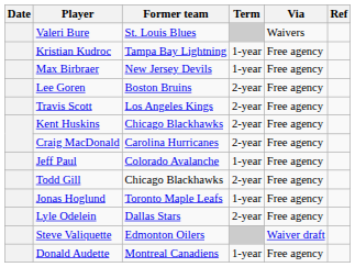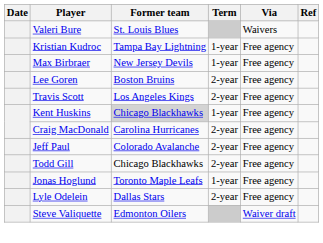 <table class="wikitable plainrowheaders">
 <tr style="background:#ddd; text-align:center;">
 <th>Date</th>
 <th>Player</th>
 <th>Former team</th>
 <th>Term</th>
 <th>Via</th>
 <th>Ref</th>
 </tr>
 <tr>
 <th scope="row"></th>
 <td><a href='#'>Valeri Bure</a></td>
 <td><a href='#'>St. Louis Blues</a></td>
 <td style="background:#ccc"></td>
 <td>Waivers</td>
 <td></td>
 </tr>
 <tr>
 <th scope="row"></th>
 <td><a href='#'>Kristian Kudroc</a></td>
 <td><a href='#'>Tampa Bay Lightning</a></td>
 <td>1-year</td>
 <td>Free agency</td>
 <td></td>
 </tr>
 <tr>
 <th scope="row"></th>
 <td><a href='#'>Max Birbraer</a></td>
 <td><a href='#'>New Jersey Devils</a></td>
 <td>1-year</td>
 <td>Free agency</td>
 <td></td>
 </tr>
 <tr>
 <th scope="row"></th>
 <td><a href='#'>Lee Goren</a></td>
 <td><a href='#'>Boston Bruins</a></td>
 <td>2-year</td>
 <td>Free agency</td>
 <td></td>
 </tr>
 <tr>
 <th scope="row"></th>
 <td><a href='#'>Travis Scott</a></td>
 <td><a href='#'>Los Angeles Kings</a></td>
 <td>2-year</td>
 <td>Free agency</td>
 <td></td>
 </tr>
 <tr>
 <th scope="row" rowspan=2></th>
 <td><a href='#'>Kent Huskins</a></td>
-<td><a href='#'>Chicago Blackhawks</a></td>
-<td>2-year</td>
+<td style="background: lightgrey;"><a href='#'>Chicago Blackhawks</a></td>
+<td>1-year</td>
 <td>Free agency</td>
 <td></td>
 </tr>
 <tr>
 <td><a href='#'>Craig MacDonald</a></td>
 <td><a href='#'>Carolina Hurricanes</a></td>
 <td>2-year</td>
 <td>Free agency</td>
 <td></td>
 </tr>
 <tr>
 <th scope="row"></th>
 <td><a href='#'>Jeff Paul</a></td>
 <td><a href='#'>Colorado Avalanche</a></td>
-<td>1-year</td>
+<td>2-year</td>
 <td>Free agency</td>
 <td></td>
 </tr>
 <tr>
 <th scope="row"></th>
 <td><a href='#'>Todd Gill</a></td>
 <td>Chicago Blackhawks</td>
 <td>2-year</td>
 <td>Free agency</td>
 <td></td>
 </tr>
 <tr>
 <th scope="row"></th>
 <td><a href='#'>Jonas Hoglund</a></td>
 <td><a href='#'>Toronto Maple Leafs</a></td>
 <td>1-year</td>
 <td>Free agency</td>
 <td></td>
 </tr>
 <tr>
 <th scope="row"></th>
 <td><a href='#'>Lyle Odelein</a></td>
 <td><a href='#'>Dallas Stars</a></td>
 <td>2-year</td>
 <td>Free agency</td>
 <td></td>
 </tr>
 <tr>
 <th scope="row"></th>
 <td><a href='#'>Steve Valiquette</a></td>
 <td><a href='#'>Edmonton Oilers</a></td>
 <td style="background:#ccc"></td>
 <td><a href='#'>Waiver draft</a></td>
 <td></td>
 </tr>
-<tr>
-<th scope="row"></th>
-<td><a href='#'>Donald Audette</a></td>
-<td><a href='#'>Montreal Canadiens</a></td>
-<td>1-year</td>
-<td>Free agency</td>
-<td></td>
-</tr>
 </table>
